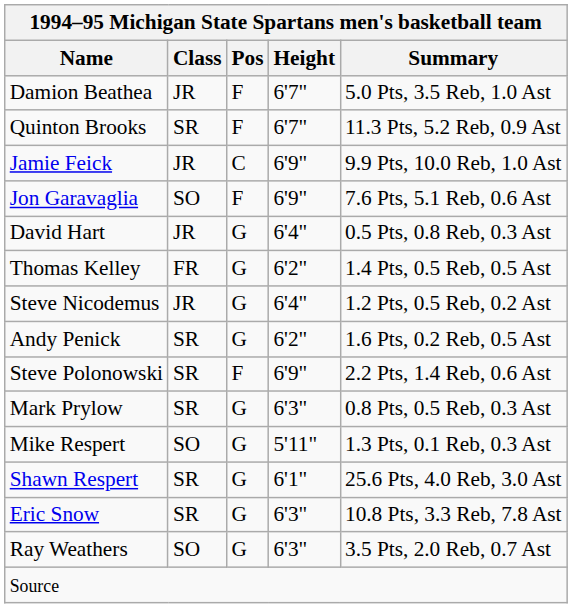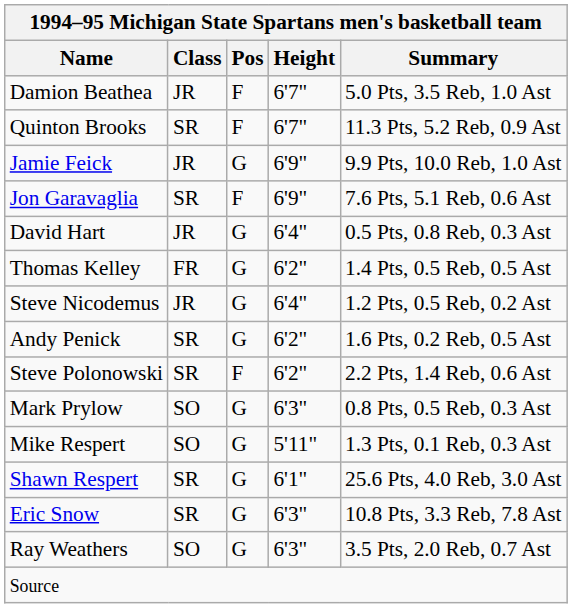 <table class="wikitable" style="font-size: 90%"|->
 <tr>
 <th colspan=9 style="background:#">1994–95 Michigan State Spartans men's basketball team</th>
 </tr>
 <tr>
 <th style="background:#">Name</th>
 <th style="background:#">Class</th>
 <th style="background:#">Pos</th>
 <th style="background:#">Height</th>
 <th style="background:#">Summary</th>
 </tr>
 <tr>
 <td>Damion Beathea</td>
 <td>JR</td>
 <td>F</td>
 <td>6'7"</td>
 <td>5.0 Pts, 3.5 Reb, 1.0 Ast</td>
 </tr>
 <tr>
 <td>Quinton Brooks</td>
 <td>SR</td>
 <td>F</td>
 <td>6'7"</td>
 <td>11.3 Pts, 5.2 Reb, 0.9 Ast</td>
 </tr>
 <tr>
 <td><a href='#'>Jamie Feick</a></td>
 <td>JR</td>
-<td>C</td>
+<td>G</td>
 <td>6'9"</td>
 <td>9.9 Pts, 10.0 Reb, 1.0 Ast</td>
 </tr>
 <tr>
 <td><a href='#'>Jon Garavaglia</a></td>
-<td>SO</td>
+<td>SR</td>
 <td>F</td>
 <td>6'9"</td>
 <td>7.6 Pts, 5.1 Reb, 0.6 Ast</td>
 </tr>
 <tr>
 <td>David Hart</td>
 <td>JR</td>
 <td>G</td>
 <td>6'4"</td>
 <td>0.5 Pts, 0.8 Reb, 0.3 Ast</td>
 </tr>
 <tr>
 <td>Thomas Kelley</td>
 <td>FR</td>
 <td>G</td>
 <td>6'2"</td>
 <td>1.4 Pts, 0.5 Reb, 0.5 Ast</td>
 </tr>
 <tr>
 <td>Steve Nicodemus</td>
 <td>JR</td>
 <td>G</td>
 <td>6'4"</td>
 <td>1.2 Pts, 0.5 Reb, 0.2 Ast</td>
 </tr>
 <tr>
 <td>Andy Penick</td>
 <td>SR</td>
 <td>G</td>
 <td>6'2"</td>
 <td>1.6 Pts, 0.2 Reb, 0.5 Ast</td>
 </tr>
 <tr>
 <td>Steve Polonowski</td>
 <td>SR</td>
 <td>F</td>
-<td>6'9"</td>
+<td>6'2"</td>
 <td>2.2 Pts, 1.4 Reb, 0.6 Ast</td>
 </tr>
 <tr>
 <td>Mark Prylow</td>
-<td>SR</td>
+<td>SO</td>
 <td>G</td>
 <td>6'3"</td>
 <td>0.8 Pts, 0.5 Reb, 0.3 Ast</td>
 </tr>
 <tr>
 <td>Mike Respert</td>
 <td>SO</td>
 <td>G</td>
 <td>5'11"</td>
 <td>1.3 Pts, 0.1 Reb, 0.3 Ast</td>
 </tr>
 <tr>
 <td><a href='#'>Shawn Respert</a></td>
 <td>SR</td>
 <td>G</td>
 <td>6'1"</td>
 <td>25.6 Pts, 4.0 Reb, 3.0 Ast</td>
 </tr>
 <tr>
 <td><a href='#'>Eric Snow</a></td>
 <td>SR</td>
 <td>G</td>
 <td>6'3"</td>
 <td>10.8 Pts, 3.3 Reb, 7.8 Ast</td>
 </tr>
 <tr>
 <td>Ray Weathers</td>
 <td>SO</td>
 <td>G</td>
 <td>6'3"</td>
 <td>3.5 Pts, 2.0 Reb, 0.7 Ast</td>
 </tr>
 <tr>
 <td colspan=9><small>Source</small></td>
 </tr>
 </table>
